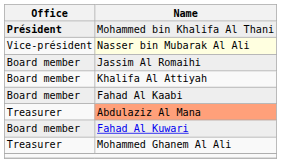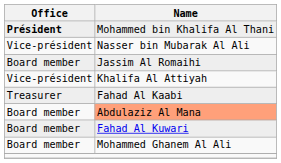 <table class="wikitable" style="float:left; margin-right:1em;">
 <tr>
 <th>Office</th>
 <th>Name</th>
 </tr>
 <tr style="background:#eee;">
 <td><strong>Président</strong></td>
 <td> Mohammed bin Khalifa Al Thani</td>
 </tr>
 <tr>
 <td>Vice-président</td>
-<td style="background: lightyellow;"> Nasser bin Mubarak Al Ali</td>
+<td> Nasser bin Mubarak Al Ali</td>
 </tr>
 <tr style="background:#eee;">
 <td>Board member</td>
 <td> Jassim Al Romaihi</td>
 </tr>
 <tr>
-<td>Board member</td>
+<td>Vice-président</td>
 <td> Khalifa Al Attiyah</td>
 </tr>
 <tr style="background:#eee;">
-<td>Board member</td>
+<td>Treasurer</td>
 <td> Fahad Al Kaabi</td>
 </tr>
 <tr>
-<td>Treasurer</td>
+<td>Board member</td>
 <td style="background: lightsalmon;"> Abdulaziz Al Mana</td>
 </tr>
 <tr style="background:#eee;">
 <td>Board member</td>
 <td> <a href='#'>Fahad Al Kuwari</a></td>
 </tr>
 <tr>
-<td>Treasurer</td>
+<td>Board member</td>
 <td> Mohammed Ghanem Al Ali</td>
 </tr>
 <tr style="background:#eee;">
 </tr>
 <tr>
 <td colspan="2"></td>
 </tr>
 <tr>
 </tr>
 </table>
